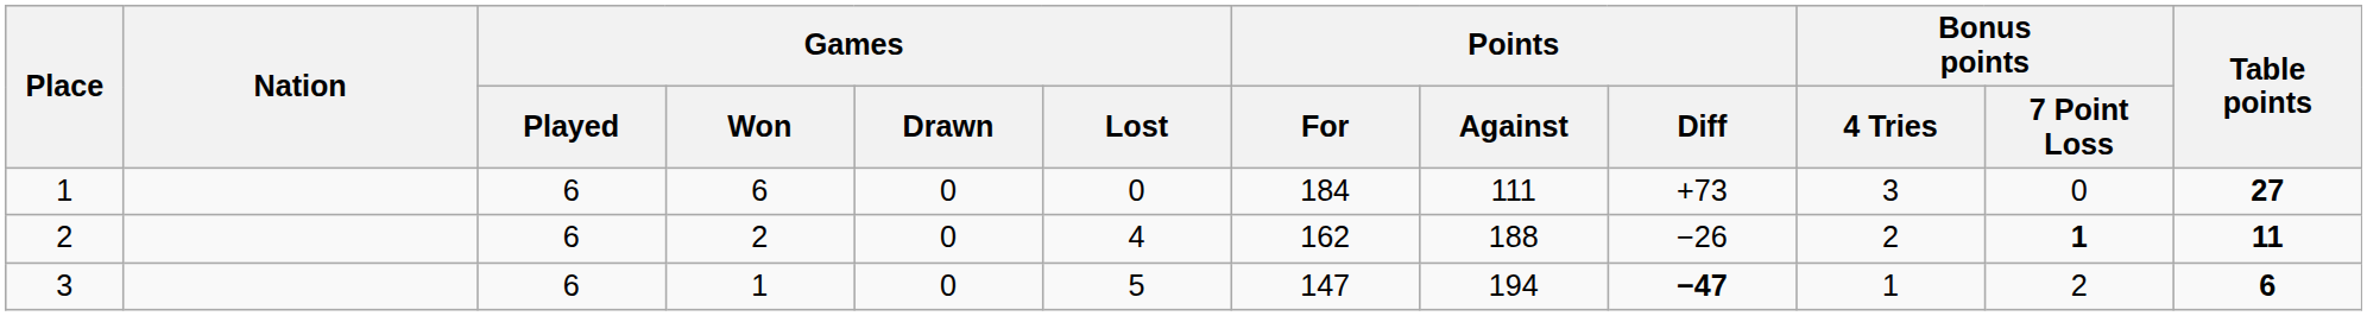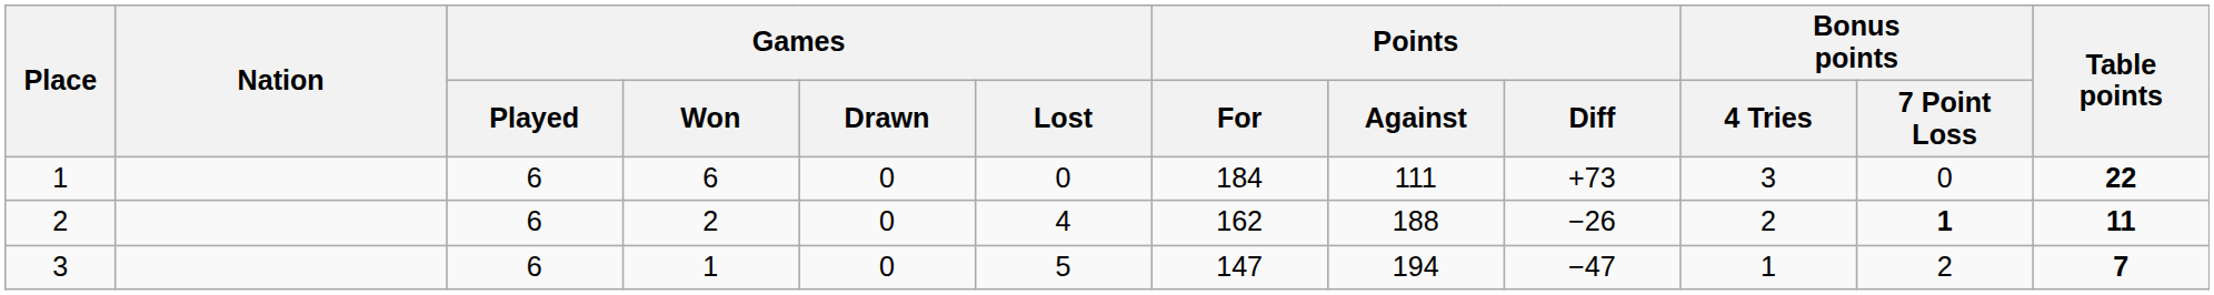 <table class="wikitable" style="width:100%">
 <tr>
 <th rowspan="2" style="width:5%">Place</th>
 <th rowspan="2" style="width:15%">Nation</th>
 <th colspan="4" style="width:32%">Games</th>
 <th colspan="3" style="width:18%">Points</th>
 <th colspan="2" style="width:16%">Bonus<br>points</th>
 <th rowspan="2" style="width:10%">Table<br>points</th>
 </tr>
 <tr>
 <th style="width:8%">Played</th>
 <th style="width:8%">Won</th>
 <th style="width:8%">Drawn</th>
 <th style="width:8%">Lost</th>
 <th style="width:8%">For</th>
 <th style="width:8%">Against</th>
 <th style="width:8%">Diff</th>
 <th style="width:8%">4 Tries</th>
 <th style="width:8%">7 Point Loss</th>
 </tr>
 <tr align=center>
 <td>1</td>
 <td align=left></td>
 <td>6</td>
 <td>6</td>
 <td>0</td>
 <td>0</td>
 <td>184</td>
 <td>111</td>
 <td>+73</td>
 <td>3</td>
 <td>0</td>
-<td><strong>27</strong></td>
+<td><strong>22</strong></td>
 </tr>
 <tr align=center>
 <td>2</td>
 <td align=left></td>
 <td>6</td>
 <td>2</td>
 <td>0</td>
 <td>4</td>
 <td>162</td>
 <td>188</td>
 <td>−26</td>
 <td>2</td>
 <td><strong>1</strong></td>
 <td><strong>11</strong></td>
 </tr>
 <tr align=center>
 <td>3</td>
 <td align=left></td>
 <td>6</td>
 <td>1</td>
 <td>0</td>
 <td>5</td>
 <td>147</td>
 <td>194</td>
-<td><strong>−47</strong></td>
+<td>−47</td>
 <td>1</td>
 <td>2</td>
-<td><strong>6</strong></td>
+<td><strong>7</strong></td>
 </tr>
 </table>
